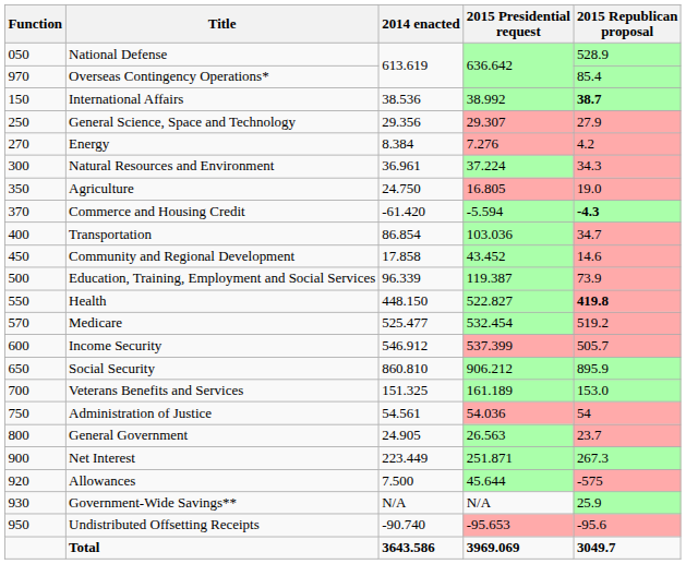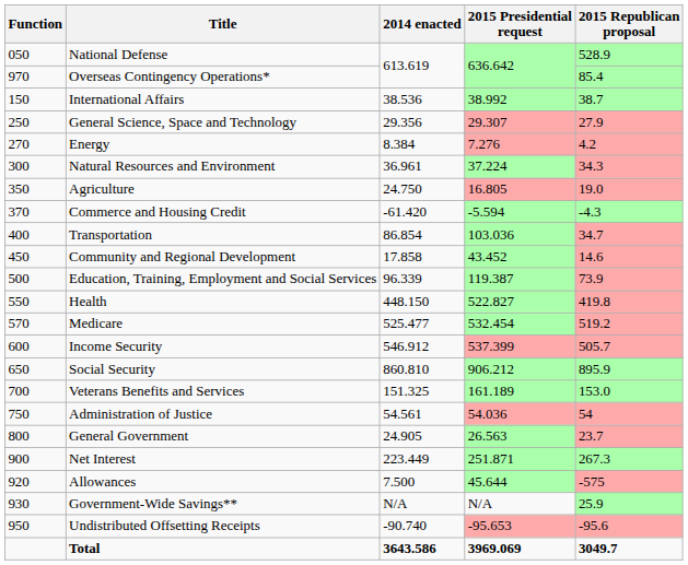 <table class="wikitable sortable">
 <tr>
 <th>Function</th>
 <th>Title</th>
 <th>2014 enacted</th>
 <th>2015 Presidential<br>request</th>
 <th>2015 Republican<br>proposal</th>
 </tr>
 <tr>
 <td>050</td>
 <td style="text-align: left">National Defense</td>
 <td rowspan="2">613.619</td>
 <td rowspan="2" bgcolor="#AAFFAA">636.642</td>
 <td bgcolor="#AAFFAA">528.9</td>
 </tr>
 <tr>
 <td>970</td>
 <td style="text-align: left">Overseas Contingency Operations*</td>
 <td bgcolor="#AAFFAA">85.4</td>
 </tr>
 <tr>
 <td>150</td>
 <td style="text-align: left">International Affairs</td>
 <td>38.536</td>
 <td bgcolor="#AAFFAA">38.992</td>
-<td bgcolor="#AAFFAA"><strong>38.7</strong></td>
+<td bgcolor="#AAFFAA">38.7</td>
 </tr>
 <tr>
 <td>250</td>
 <td style="text-align: left">General Science, Space and Technology</td>
 <td>29.356</td>
 <td bgcolor="#FFAAAA">29.307</td>
 <td bgcolor="#FFAAAA">27.9</td>
 </tr>
 <tr>
 <td>270</td>
 <td style="text-align: left">Energy</td>
 <td>8.384</td>
 <td bgcolor="#FFAAAA">7.276</td>
 <td bgcolor="#FFAAAA">4.2</td>
 </tr>
 <tr>
 <td>300</td>
 <td style="text-align: left">Natural Resources and Environment</td>
 <td>36.961</td>
 <td bgcolor="#AAFFAA">37.224</td>
 <td bgcolor="#FFAAAA">34.3</td>
 </tr>
 <tr>
 <td>350</td>
 <td style="text-align: left">Agriculture</td>
 <td>24.750</td>
 <td bgcolor="#FFAAAA">16.805</td>
 <td bgcolor="#FFAAAA">19.0</td>
 </tr>
 <tr>
 <td>370</td>
 <td style="text-align: left">Commerce and Housing Credit</td>
 <td>-61.420</td>
 <td bgcolor="#AAFFAA">-5.594</td>
-<td bgcolor="#AAFFAA"><strong>-4.3</strong></td>
+<td bgcolor="#AAFFAA">-4.3</td>
 </tr>
 <tr>
 <td>400</td>
 <td style="text-align: left">Transportation</td>
 <td>86.854</td>
 <td bgcolor="#AAFFAA">103.036</td>
 <td bgcolor="#FFAAAA">34.7</td>
 </tr>
 <tr>
 <td>450</td>
 <td style="text-align: left">Community and Regional Development</td>
 <td>17.858</td>
 <td bgcolor="#AAFFAA">43.452</td>
 <td bgcolor="#FFAAAA">14.6</td>
 </tr>
 <tr>
 <td>500</td>
 <td style="text-align: left">Education, Training, Employment and Social Services</td>
 <td>96.339</td>
 <td bgcolor="#AAFFAA">119.387</td>
 <td bgcolor="#FFAAAA">73.9</td>
 </tr>
 <tr>
 <td>550</td>
 <td style="text-align: left">Health</td>
 <td>448.150</td>
 <td bgcolor="#AAFFAA">522.827</td>
-<td bgcolor="#FFAAAA"><strong>419.8</strong></td>
+<td bgcolor="#FFAAAA">419.8</td>
 </tr>
 <tr>
 <td>570</td>
 <td style="text-align: left">Medicare</td>
 <td>525.477</td>
 <td bgcolor="#AAFFAA">532.454</td>
 <td bgcolor="#FFAAAA">519.2</td>
 </tr>
 <tr>
 <td>600</td>
 <td style="text-align: left">Income Security</td>
 <td>546.912</td>
 <td bgcolor="#FFAAAA">537.399</td>
 <td bgcolor="#FFAAAA">505.7</td>
 </tr>
 <tr>
 <td>650</td>
 <td style="text-align: left">Social Security</td>
 <td>860.810</td>
 <td bgcolor="#AAFFAA">906.212</td>
 <td bgcolor="#AAFFAA">895.9</td>
 </tr>
 <tr>
 <td>700</td>
 <td style="text-align: left">Veterans Benefits and Services</td>
 <td>151.325</td>
 <td bgcolor="#AAFFAA">161.189</td>
 <td bgcolor="#AAFFAA">153.0</td>
 </tr>
 <tr>
 <td>750</td>
 <td style="text-align: left">Administration of Justice</td>
 <td>54.561</td>
 <td bgcolor="#FFAAAA">54.036</td>
 <td bgcolor="#FFAAAA">54</td>
 </tr>
 <tr>
 <td>800</td>
 <td style="text-align: left">General Government</td>
 <td>24.905</td>
 <td bgcolor="#AAFFAA">26.563</td>
 <td bgcolor="#FFAAAA">23.7</td>
 </tr>
 <tr>
 <td>900</td>
 <td style="text-align: left">Net Interest</td>
 <td>223.449</td>
 <td bgcolor="#AAFFAA">251.871</td>
 <td bgcolor="#AAFFAA">267.3</td>
 </tr>
 <tr>
 <td>920</td>
 <td style="text-align: left">Allowances</td>
 <td>7.500</td>
 <td bgcolor="#AAFFAA">45.644</td>
 <td bgcolor="#FFAAAA">-575</td>
 </tr>
 <tr>
 <td>930</td>
 <td style="text-align: left">Government-Wide Savings**</td>
 <td>N/A</td>
 <td>N/A</td>
 <td bgcolor="#AAFFAA">25.9</td>
 </tr>
 <tr>
 <td>950</td>
 <td style="text-align: left">Undistributed Offsetting Receipts</td>
 <td>-90.740</td>
 <td bgcolor="#FFAAAA">-95.653</td>
 <td bgcolor="#FFAAAA">-95.6</td>
 </tr>
 <tr class="sortbottom">
 <td></td>
 <td style="text-align: left"><strong>Total</strong></td>
 <td><strong>3643.586</strong></td>
 <td><strong>3969.069 </strong></td>
 <td><strong>3049.7</strong></td>
 </tr>
 </table>
